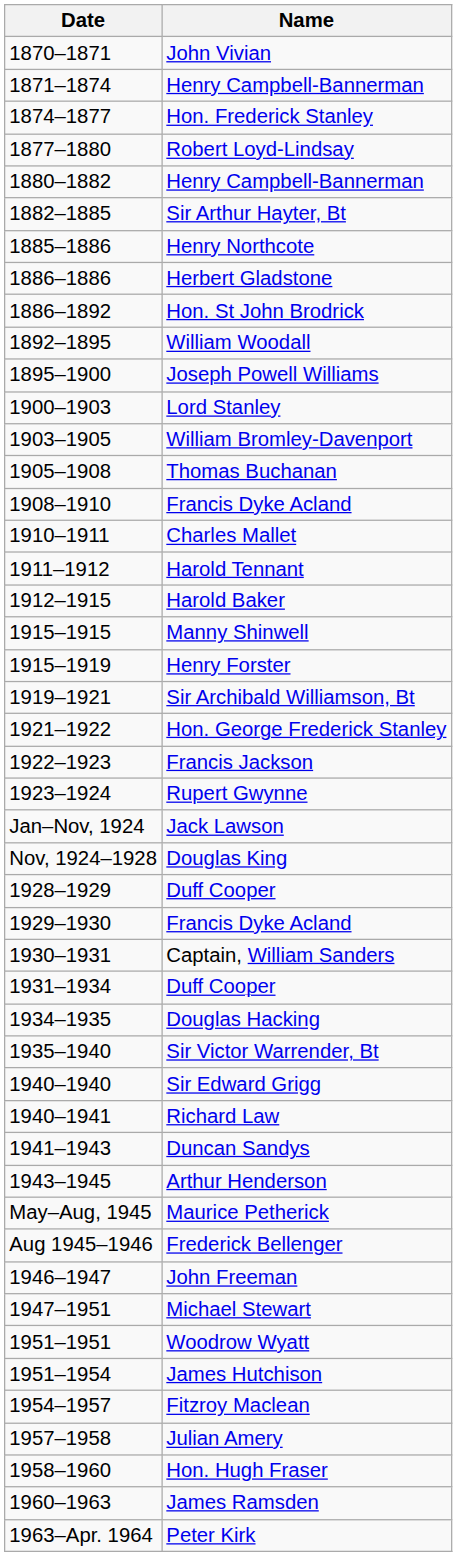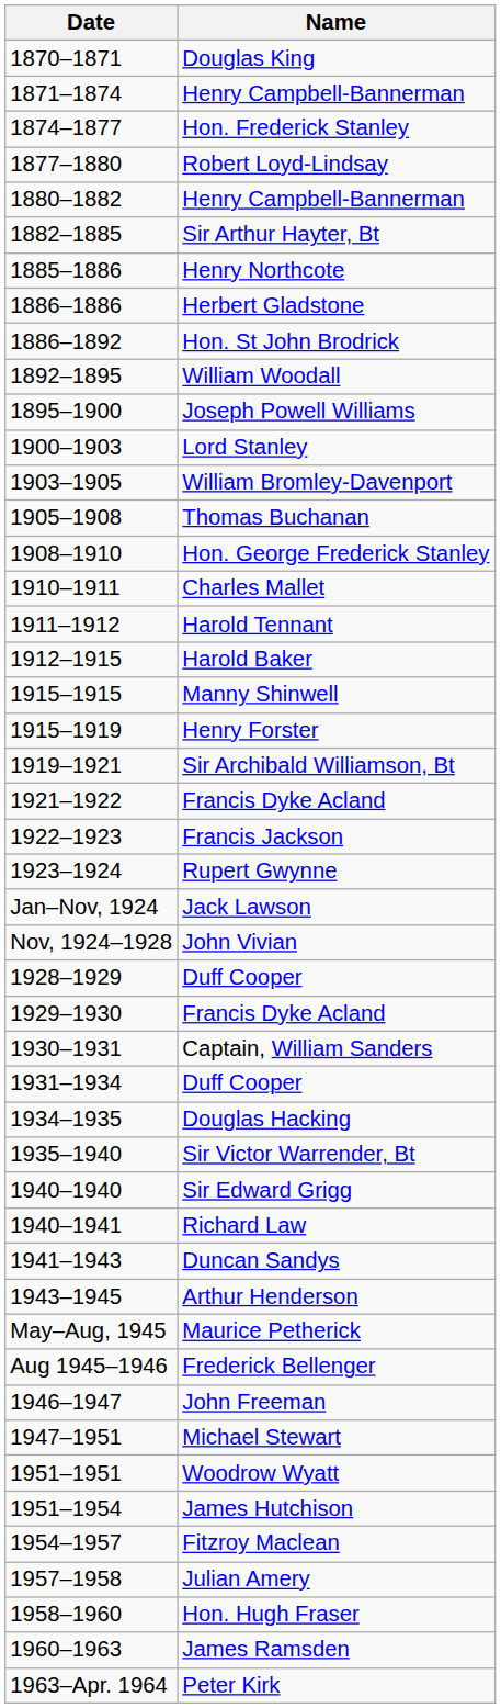 <table class="wikitable">
 <tr>
 <th>Date</th>
 <th>Name</th>
 </tr>
 <tr>
 <td>1870–1871</td>
-<td><a href='#'>John Vivian</a></td>
+<td><a href='#'>Douglas King</a></td>
 </tr>
 <tr>
 <td>1871–1874</td>
 <td><a href='#'>Henry Campbell-Bannerman</a></td>
 </tr>
 <tr>
 <td>1874–1877</td>
 <td><a href='#'>Hon. Frederick Stanley</a></td>
 </tr>
 <tr>
 <td>1877–1880</td>
 <td><a href='#'>Robert Loyd-Lindsay</a></td>
 </tr>
 <tr>
 <td>1880–1882</td>
 <td><a href='#'>Henry Campbell-Bannerman</a></td>
 </tr>
 <tr>
 <td>1882–1885</td>
 <td><a href='#'>Sir Arthur Hayter, Bt</a></td>
 </tr>
 <tr>
 <td>1885–1886</td>
 <td><a href='#'>Henry Northcote</a></td>
 </tr>
 <tr>
 <td>1886–1886</td>
 <td><a href='#'>Herbert Gladstone</a></td>
 </tr>
 <tr>
 <td>1886–1892</td>
 <td><a href='#'>Hon. St John Brodrick</a></td>
 </tr>
 <tr>
 <td>1892–1895</td>
 <td><a href='#'>William Woodall</a></td>
 </tr>
 <tr>
 <td>1895–1900</td>
 <td><a href='#'>Joseph Powell Williams</a></td>
 </tr>
 <tr>
 <td>1900–1903</td>
 <td><a href='#'>Lord Stanley</a></td>
 </tr>
 <tr>
 <td>1903–1905</td>
 <td><a href='#'>William Bromley-Davenport</a></td>
 </tr>
 <tr>
 <td>1905–1908</td>
 <td><a href='#'>Thomas Buchanan</a></td>
 </tr>
 <tr>
 <td>1908–1910</td>
-<td><a href='#'>Francis Dyke Acland</a></td>
+<td><a href='#'>Hon. George Frederick Stanley</a></td>
 </tr>
 <tr>
 <td>1910–1911</td>
 <td><a href='#'>Charles Mallet</a></td>
 </tr>
 <tr>
 <td>1911–1912</td>
 <td><a href='#'>Harold Tennant</a></td>
 </tr>
 <tr>
 <td>1912–1915</td>
 <td><a href='#'>Harold Baker</a></td>
 </tr>
 <tr>
 <td>1915–1915</td>
 <td><a href='#'>Manny Shinwell</a></td>
 </tr>
 <tr>
 <td>1915–1919</td>
 <td><a href='#'>Henry Forster</a></td>
 </tr>
 <tr>
 <td>1919–1921</td>
 <td><a href='#'>Sir Archibald Williamson, Bt</a></td>
 </tr>
 <tr>
 <td>1921–1922</td>
-<td><a href='#'>Hon. George Frederick Stanley</a></td>
+<td><a href='#'>Francis Dyke Acland</a></td>
 </tr>
 <tr>
 <td>1922–1923</td>
 <td><a href='#'>Francis Jackson</a></td>
 </tr>
 <tr>
 <td>1923–1924</td>
 <td><a href='#'>Rupert Gwynne</a></td>
 </tr>
 <tr>
 <td>Jan–Nov, 1924</td>
 <td><a href='#'>Jack Lawson</a></td>
 </tr>
 <tr>
 <td>Nov, 1924–1928</td>
-<td><a href='#'>Douglas King</a></td>
+<td><a href='#'>John Vivian</a></td>
 </tr>
 <tr>
 <td>1928–1929</td>
 <td><a href='#'>Duff Cooper</a></td>
 </tr>
 <tr>
 <td>1929–1930</td>
 <td><a href='#'>Francis Dyke Acland</a></td>
 </tr>
 <tr>
 <td>1930–1931</td>
 <td>Captain, <a href='#'>William Sanders</a></td>
 </tr>
 <tr>
 <td>1931–1934</td>
 <td><a href='#'>Duff Cooper</a></td>
 </tr>
 <tr>
 <td>1934–1935</td>
 <td><a href='#'>Douglas Hacking</a></td>
 </tr>
 <tr>
 <td>1935–1940</td>
 <td><a href='#'>Sir Victor Warrender, Bt</a></td>
 </tr>
 <tr>
 <td>1940–1940</td>
 <td><a href='#'>Sir Edward Grigg</a></td>
 </tr>
 <tr>
 <td>1940–1941</td>
 <td><a href='#'>Richard Law</a></td>
 </tr>
 <tr>
 <td>1941–1943</td>
 <td><a href='#'>Duncan Sandys</a></td>
 </tr>
 <tr>
 <td>1943–1945</td>
 <td><a href='#'>Arthur Henderson</a></td>
 </tr>
 <tr>
 <td>May–Aug, 1945</td>
 <td><a href='#'>Maurice Petherick</a></td>
 </tr>
 <tr>
 <td>Aug 1945–1946</td>
 <td><a href='#'>Frederick Bellenger</a></td>
 </tr>
 <tr>
 <td>1946–1947</td>
 <td><a href='#'>John Freeman</a></td>
 </tr>
 <tr>
 <td>1947–1951</td>
 <td><a href='#'>Michael Stewart</a></td>
 </tr>
 <tr>
 <td>1951–1951</td>
 <td><a href='#'>Woodrow Wyatt</a></td>
 </tr>
 <tr>
 <td>1951–1954</td>
 <td><a href='#'>James Hutchison</a></td>
 </tr>
 <tr>
 <td>1954–1957</td>
 <td><a href='#'>Fitzroy Maclean</a></td>
 </tr>
 <tr>
 <td>1957–1958</td>
 <td><a href='#'>Julian Amery</a></td>
 </tr>
 <tr>
 <td>1958–1960</td>
 <td><a href='#'>Hon. Hugh Fraser</a></td>
 </tr>
 <tr>
 <td>1960–1963</td>
 <td><a href='#'>James Ramsden</a></td>
 </tr>
 <tr>
 <td>1963–Apr. 1964</td>
 <td><a href='#'>Peter Kirk</a></td>
 </tr>
 <tr>
 </tr>
 </table>
